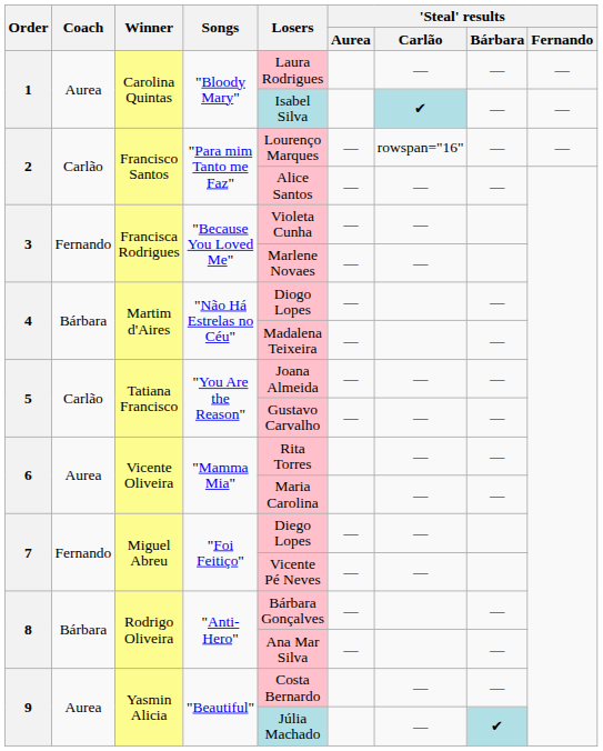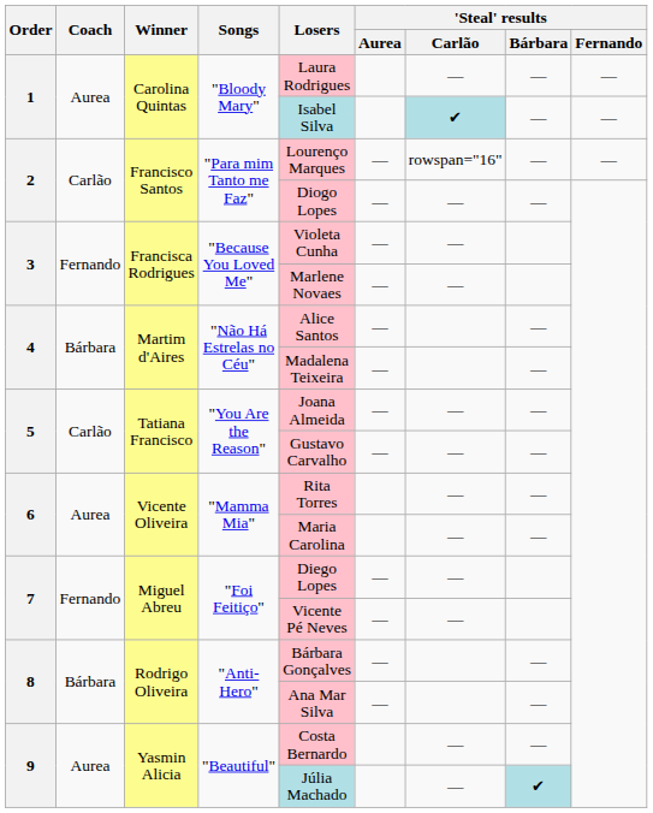 <table class="wikitable" style="text-align:center; line-height:17px; width:95%">
 <tr>
 <th rowspan="2" width="02%">Order</th>
 <th rowspan="2" width="05%">Coach</th>
 <th rowspan="2" width="10%">Winner</th>
 <th rowspan="2" width="10%">Songs</th>
 <th rowspan="2" width="10%">Losers</th>
 <th colspan="4" width="00%">'Steal' results</th>
 </tr>
 <tr>
 <th style="width: 7%">Aurea</th>
 <th style="width: 7%">Carlão</th>
 <th style="width: 7%">Bárbara</th>
 <th style="width: 7%">Fernando</th>
 </tr>
 <tr>
 <th rowspan="2">1</th>
 <td rowspan="2">Aurea</td>
 <td rowspan="2" style="background:#fdfc8f">Carolina Quintas</td>
 <td rowspan="2">"<a href='#'>Bloody Mary</a>"</td>
 <td style="background:pink">Laura Rodrigues</td>
 <td></td>
 <td>—</td>
 <td>—</td>
 <td>—</td>
 </tr>
 <tr>
 <td style="background:#B0E0E6">Isabel Silva</td>
 <td></td>
 <td style="background:#B0E0E6">✔</td>
 <td>—</td>
 <td>—</td>
 </tr>
 <tr>
 <th rowspan="2">2</th>
 <td rowspan="2">Carlão</td>
 <td rowspan="2" style="background:#fdfc8f">Francisco Santos</td>
 <td rowspan="2">"<a href='#'>Para mim Tanto me Faz</a>"</td>
 <td style="background:pink">Lourenço Marques</td>
 <td>—</td>
 <td>rowspan="16" </td>
 <td>—</td>
 <td>—</td>
 </tr>
 <tr>
-<td style="background:pink">Alice Santos</td>
+<td style="background:pink">Diogo Lopes</td>
 <td>—</td>
 <td>—</td>
 <td>—</td>
 </tr>
 <tr>
 <th rowspan="2">3</th>
 <td rowspan="2">Fernando</td>
 <td rowspan="2" style="background:#fdfc8f">Francisca Rodrigues</td>
 <td rowspan="2">"<a href='#'>Because You Loved Me</a>"</td>
 <td style="background:pink">Violeta Cunha</td>
 <td>—</td>
 <td>—</td>
 <td></td>
 </tr>
 <tr>
 <td style="background:pink">Marlene Novaes</td>
 <td>—</td>
 <td>—</td>
 <td></td>
 </tr>
 <tr>
 <th rowspan="2">4</th>
 <td rowspan="2">Bárbara</td>
 <td rowspan="2" style="background:#fdfc8f">Martim d'Aires</td>
 <td rowspan="2">"<a href='#'>Não Há Estrelas no Céu</a>"</td>
-<td style="background:pink">Diogo Lopes</td>
+<td style="background:pink">Alice Santos</td>
 <td>—</td>
 <td></td>
 <td>—</td>
 </tr>
 <tr>
 <td style="background:pink">Madalena Teixeira</td>
 <td>—</td>
 <td></td>
 <td>—</td>
 </tr>
 <tr>
 <th rowspan="2">5</th>
 <td rowspan="2">Carlão</td>
 <td rowspan="2" style="background:#fdfc8f">Tatiana Francisco</td>
 <td rowspan="2">"<a href='#'>You Are the Reason</a>"</td>
 <td style="background:pink">Joana Almeida</td>
 <td>—</td>
 <td>—</td>
 <td>—</td>
 </tr>
 <tr>
 <td style="background:pink">Gustavo Carvalho</td>
 <td>—</td>
 <td>—</td>
 <td>—</td>
 </tr>
 <tr>
 <th rowspan="2">6</th>
 <td rowspan="2">Aurea</td>
 <td rowspan="2" style="background:#fdfc8f">Vicente Oliveira</td>
 <td rowspan="2">"<a href='#'>Mamma Mia</a>"</td>
 <td style="background:pink">Rita Torres</td>
 <td></td>
 <td>—</td>
 <td>—</td>
 </tr>
 <tr>
 <td style="background:pink">Maria Carolina</td>
 <td></td>
 <td>—</td>
 <td>—</td>
 </tr>
 <tr>
 <th rowspan="2">7</th>
 <td rowspan="2">Fernando</td>
 <td rowspan="2" style="background:#fdfc8f">Miguel Abreu</td>
 <td rowspan="2">"<a href='#'>Foi Feitiço</a>"</td>
 <td style="background:pink">Diego Lopes</td>
 <td>—</td>
 <td>—</td>
 <td></td>
 </tr>
 <tr>
 <td style="background:pink">Vicente Pé Neves</td>
 <td>—</td>
 <td>—</td>
 <td></td>
 </tr>
 <tr>
 <th rowspan="2">8</th>
 <td rowspan="2">Bárbara</td>
 <td rowspan="2" style="background:#fdfc8f">Rodrigo Oliveira</td>
 <td rowspan="2">"<a href='#'>Anti-Hero</a>"</td>
 <td style="background:pink">Bárbara Gonçalves</td>
 <td>—</td>
 <td></td>
 <td>—</td>
 </tr>
 <tr>
 <td style="background:pink">Ana Mar Silva</td>
 <td>—</td>
 <td></td>
 <td>—</td>
 </tr>
 <tr>
 <th rowspan="2">9</th>
 <td rowspan="2">Aurea</td>
 <td rowspan="2" style="background:#fdfc8f">Yasmin Alicia</td>
 <td rowspan="2">"<a href='#'>Beautiful</a>"</td>
 <td style="background:pink">Costa Bernardo</td>
 <td></td>
 <td>—</td>
 <td>—</td>
 </tr>
 <tr>
 <td style="background:#B0E0E6">Júlia Machado</td>
 <td></td>
 <td>—</td>
 <td style="background:#B0E0E6">✔</td>
 </tr>
 </table>
